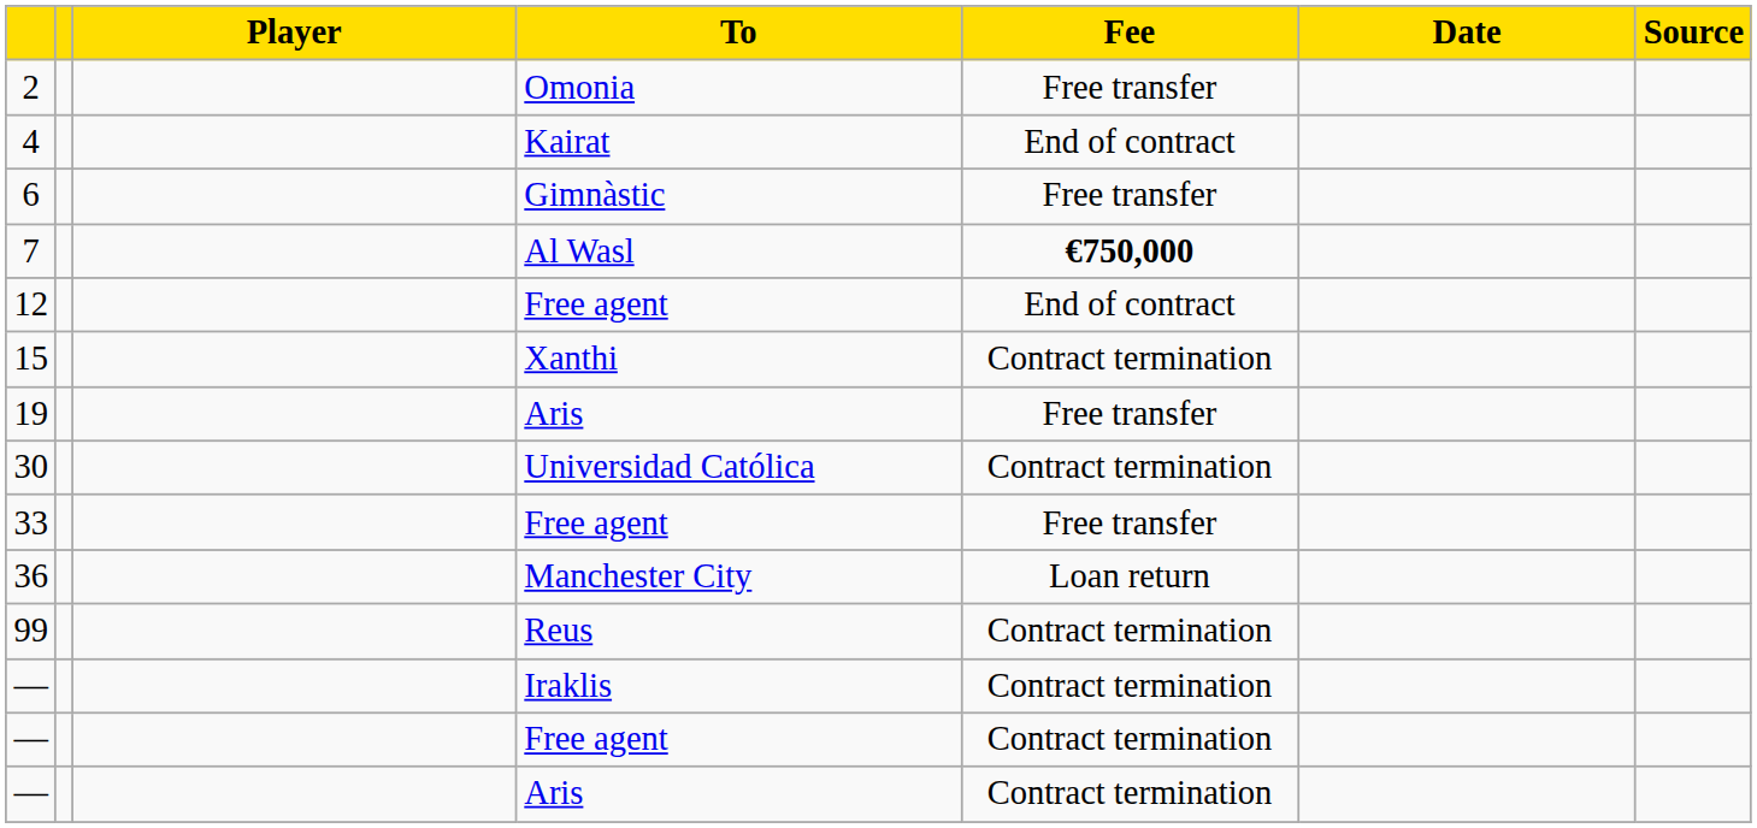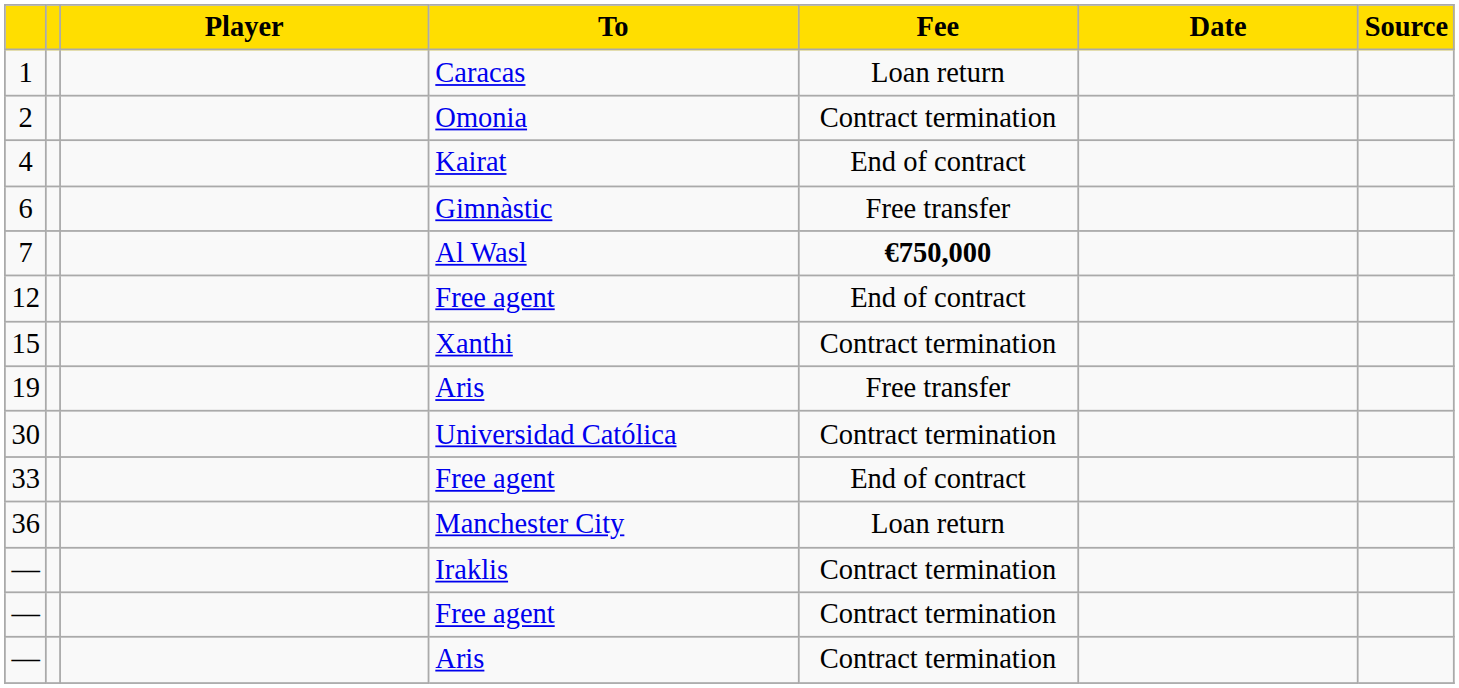 <table class="wikitable sortable">
 <tr>
 <th style="background:#FFDE00"></th>
 <th style="background:#FFDE00"></th>
 <th width=200 style="background:#FFDE00">Player</th>
 <th width=200 style="background:#FFDE00">To</th>
 <th width=150 style="background:#FFDE00">Fee</th>
 <th width=150 style="background:#FFDE00">Date</th>
 <th style="background:#FFDE00">Source</th>
 </tr>
 <tr>
+<td align=center>1</td>
+<td align=center></td>
+<td></td>
+<td> <a href='#'>Caracas</a></td>
+<td align=center>Loan return</td>
+<td align=center></td>
+<td align=center></td>
+</tr>
+<tr>
 <td align=center>2</td>
 <td align=center></td>
 <td></td>
 <td> <a href='#'>Omonia</a></td>
-<td align=center>Free transfer</td>
+<td align=center>Contract termination</td>
 <td align=center></td>
 <td align=center></td>
 </tr>
 <tr>
 <td align=center>4</td>
 <td align=center></td>
 <td></td>
 <td> <a href='#'>Kairat</a></td>
 <td align=center>End of contract</td>
 <td align=center></td>
 <td align=center></td>
 </tr>
 <tr>
 <td align=center>6</td>
 <td align=center></td>
 <td></td>
 <td> <a href='#'>Gimnàstic</a></td>
 <td align=center>Free transfer</td>
 <td align=center></td>
 <td align=center></td>
 </tr>
 <tr>
 <td align=center>7</td>
 <td align=center></td>
 <td></td>
 <td> <a href='#'>Al Wasl</a></td>
 <td align=center><strong>€750,000</strong></td>
 <td align=center></td>
 <td align=center></td>
 </tr>
 <tr>
 <td align=center>12</td>
 <td align=center></td>
 <td></td>
 <td><a href='#'>Free agent</a></td>
 <td align=center>End of contract</td>
 <td align=center></td>
 <td align=center></td>
 </tr>
 <tr>
 <td align=center>15</td>
 <td align=center></td>
 <td></td>
 <td> <a href='#'>Xanthi</a></td>
 <td align=center>Contract termination</td>
 <td align=center></td>
 <td align=center></td>
 </tr>
 <tr>
 <td align=center>19</td>
 <td align=center></td>
 <td></td>
 <td> <a href='#'>Aris</a></td>
 <td align=center>Free transfer</td>
 <td align=center></td>
 <td align=center></td>
 </tr>
 <tr>
 <td align=center>30</td>
 <td align=center></td>
 <td></td>
 <td> <a href='#'>Universidad Católica</a></td>
 <td align=center>Contract termination</td>
 <td align=center></td>
 <td align=center></td>
 </tr>
 <tr>
 <td align=center>33</td>
 <td align=center></td>
 <td></td>
 <td><a href='#'>Free agent</a></td>
-<td align=center>Free transfer</td>
+<td align=center>End of contract</td>
 <td align=center></td>
 <td align=center></td>
 </tr>
 <tr>
 <td align=center>36</td>
 <td align=center></td>
 <td></td>
 <td> <a href='#'>Manchester City</a></td>
 <td align=center>Loan return</td>
-<td align=center></td>
-<td align=center></td>
-</tr>
-<tr>
-<td align=center>99</td>
-<td align=center></td>
-<td></td>
-<td> <a href='#'>Reus</a></td>
-<td align=center>Contract termination</td>
 <td align=center></td>
 <td align=center></td>
 </tr>
 <tr>
 <td align=center>—</td>
 <td align=center></td>
 <td></td>
 <td> <a href='#'>Iraklis</a></td>
 <td align=center>Contract termination</td>
 <td align=center></td>
 <td align=center></td>
 </tr>
 <tr>
 <td align=center>—</td>
 <td align=center></td>
 <td></td>
 <td><a href='#'>Free agent</a></td>
 <td align=center>Contract termination</td>
 <td align=center></td>
 <td align=center></td>
 </tr>
 <tr>
 <td align=center>—</td>
 <td align=center></td>
 <td></td>
 <td> <a href='#'>Aris</a></td>
 <td align=center>Contract termination</td>
 <td align=center></td>
 <td align=center></td>
 </tr>
 </table>
